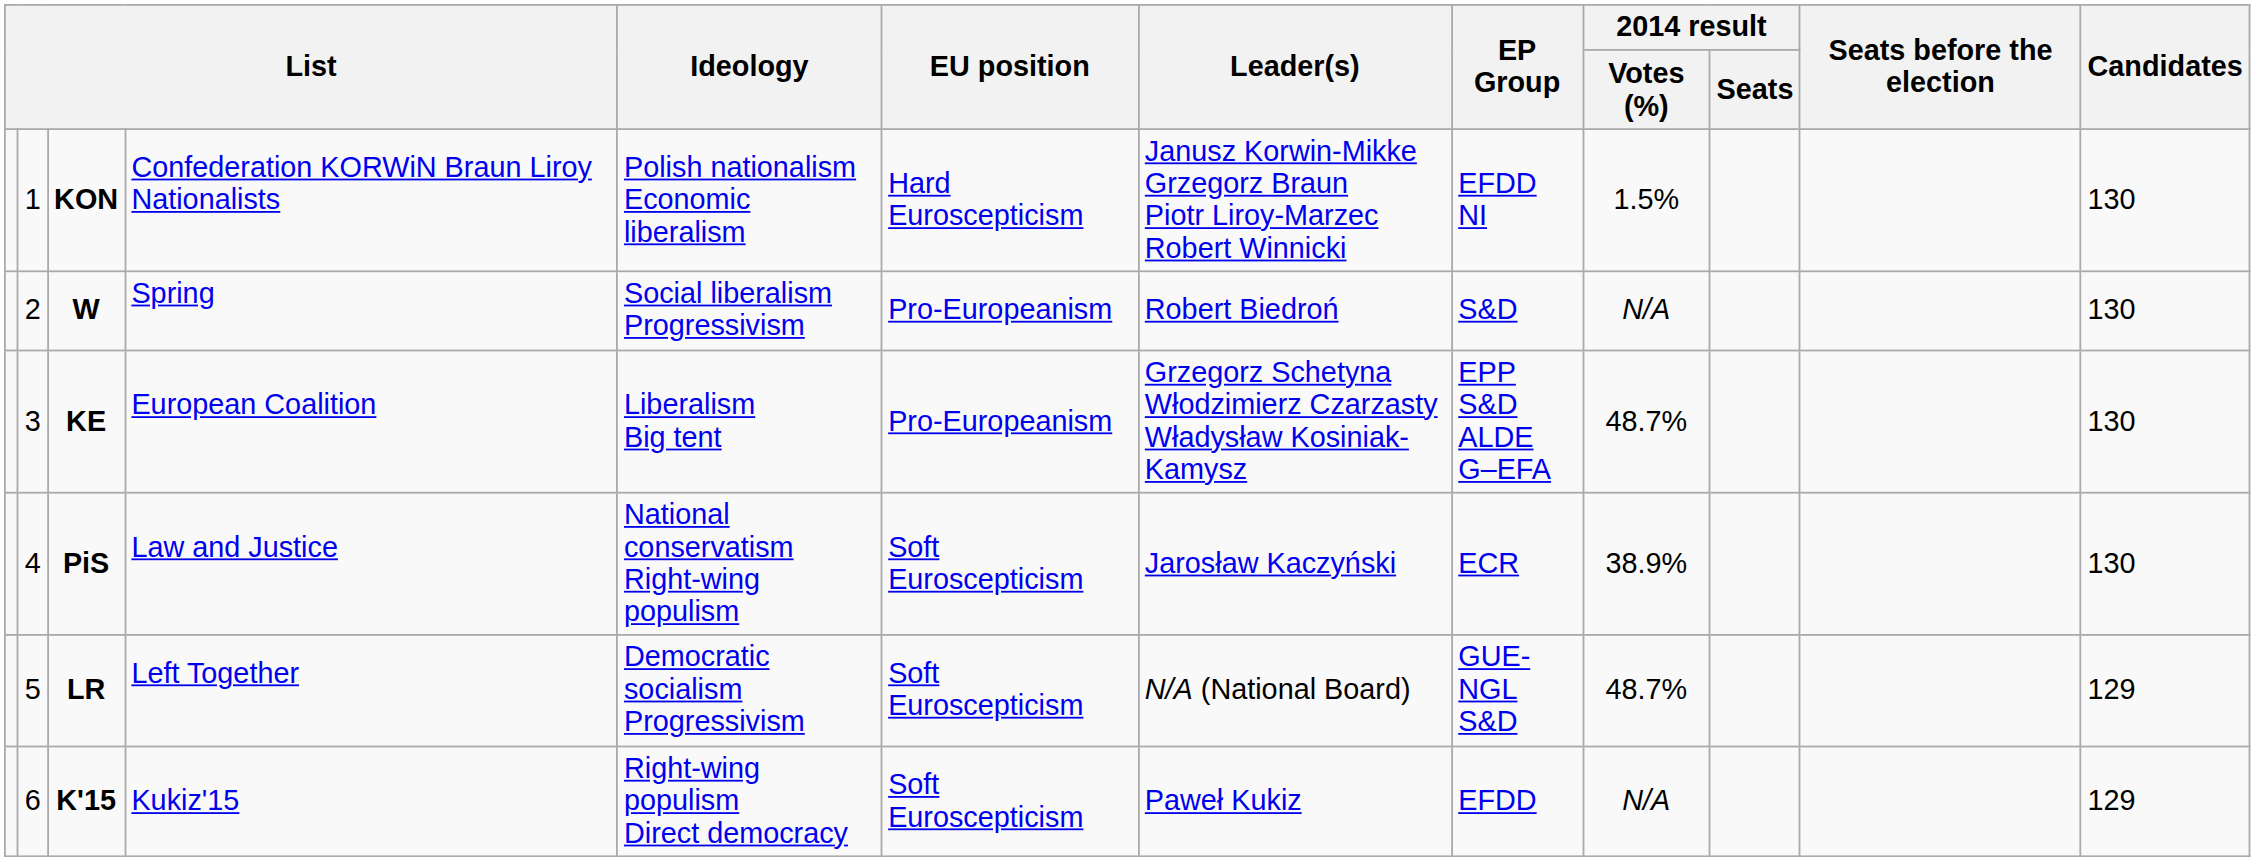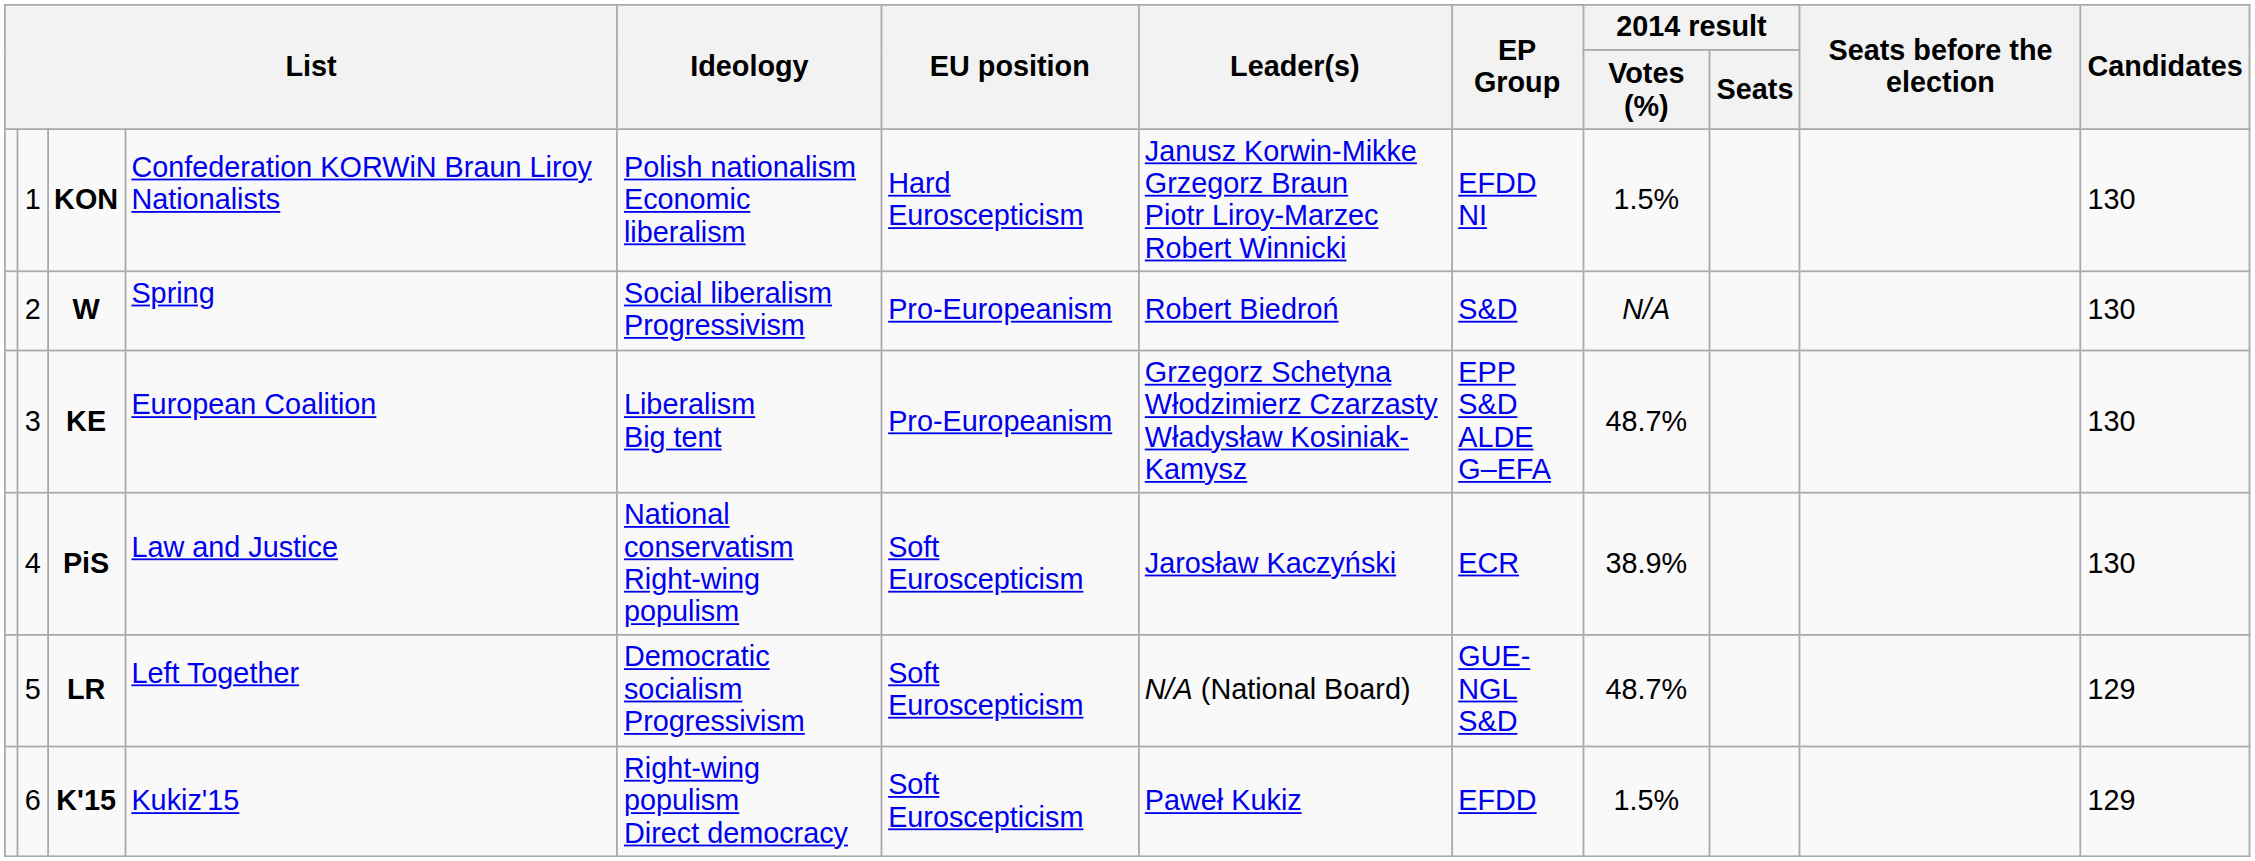 <table class="wikitable mw-collapsible">
 <tr>
 <th colspan="4" rowspan="2">List</th>
 <th rowspan="2">Ideology</th>
 <th rowspan="2">EU position</th>
 <th rowspan="2">Leader(s)</th>
 <th rowspan="2">EP Group</th>
 <th colspan="2">2014 result</th>
 <th rowspan="2">Seats before the election</th>
 <th rowspan="2">Candidates</th>
 </tr>
 <tr>
 <th>Votes (%)</th>
 <th>Seats</th>
 </tr>
 <tr>
 <td style="background:"></td>
 <td>1</td>
 <td style="text-align:center;"><strong>KON</strong></td>
 <td><a href='#'>Confederation KORWiN Braun Liroy Nationalists</a><br><br></td>
 <td><a href='#'>Polish nationalism</a><br><a href='#'>Economic liberalism</a></td>
 <td><a href='#'>Hard Euroscepticism</a></td>
 <td><a href='#'>Janusz Korwin-Mikke</a><br><a href='#'>Grzegorz Braun</a><br><a href='#'>Piotr Liroy-Marzec</a><br><a href='#'>Robert Winnicki</a></td>
 <td><a href='#'>EFDD</a><br><a href='#'>NI</a></td>
 <td style="text-align:center;">1.5%</td>
 <td></td>
 <td></td>
 <td>130</td>
 </tr>
 <tr>
 <td style="background:"></td>
 <td>2</td>
 <td style="text-align:center;"><strong>W</strong></td>
 <td><a href='#'>Spring</a><br><br></td>
 <td><a href='#'>Social liberalism</a><br><a href='#'>Progressivism</a></td>
 <td><a href='#'>Pro-Europeanism</a></td>
 <td><a href='#'>Robert Biedroń</a></td>
 <td><a href='#'>S&D</a></td>
 <td style="text-align:center;"><em>N/A</em></td>
 <td></td>
 <td></td>
 <td>130</td>
 </tr>
 <tr>
 <td style="background:"></td>
 <td>3</td>
 <td style="text-align:center;"><strong>KE</strong></td>
 <td><a href='#'>European Coalition</a><br><br></td>
 <td><a href='#'>Liberalism</a><br><a href='#'>Big tent</a></td>
 <td><a href='#'>Pro-Europeanism</a></td>
 <td><a href='#'>Grzegorz Schetyna</a><br><a href='#'>Włodzimierz Czarzasty</a><br><a href='#'>Władysław Kosiniak-Kamysz</a></td>
 <td><a href='#'>EPP</a><br><a href='#'>S&D</a><br><a href='#'>ALDE</a><br><a href='#'>G–EFA</a></td>
 <td style="text-align:center;">48.7%</td>
 <td></td>
 <td></td>
 <td>130</td>
 </tr>
 <tr>
 <td style="background:"></td>
 <td>4</td>
 <td style="text-align:center;"><strong>PiS</strong></td>
 <td><a href='#'>Law and Justice</a><br><br></td>
 <td><a href='#'>National conservatism</a><br><a href='#'>Right-wing populism</a></td>
 <td><a href='#'>Soft Euroscepticism</a></td>
 <td><a href='#'>Jarosław Kaczyński</a></td>
 <td><a href='#'>ECR</a></td>
 <td style="text-align:center;">38.9%</td>
 <td></td>
 <td></td>
 <td>130</td>
 </tr>
 <tr>
 <td style="background:"></td>
 <td>5</td>
 <td style="text-align:center;"><strong>LR</strong></td>
 <td><a href='#'>Left Together</a><br><br></td>
 <td><a href='#'>Democratic socialism</a><br><a href='#'>Progressivism</a></td>
 <td><a href='#'>Soft Euroscepticism</a></td>
 <td><em>N/A</em> (National Board)</td>
 <td><a href='#'>GUE-NGL</a><br><a href='#'>S&D</a></td>
 <td style="text-align:center;">48.7%</td>
 <td></td>
 <td></td>
 <td>129</td>
 </tr>
 <tr>
 <td style="background:"></td>
 <td>6</td>
 <td style="text-align:center;"><strong>K'15</strong></td>
 <td><a href='#'>Kukiz'15</a><br></td>
 <td><a href='#'>Right-wing populism</a><br><a href='#'>Direct democracy</a></td>
 <td><a href='#'>Soft Euroscepticism</a></td>
 <td><a href='#'>Paweł Kukiz</a></td>
 <td><a href='#'>EFDD</a></td>
-<td style="text-align:center;"><em>N/A</em></td>
+<td style="text-align:center;">1.5%</td>
 <td></td>
 <td></td>
 <td>129</td>
 </tr>
 </table>
